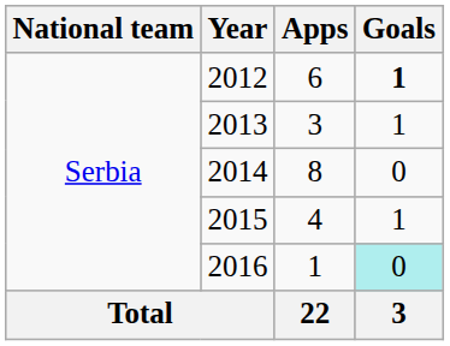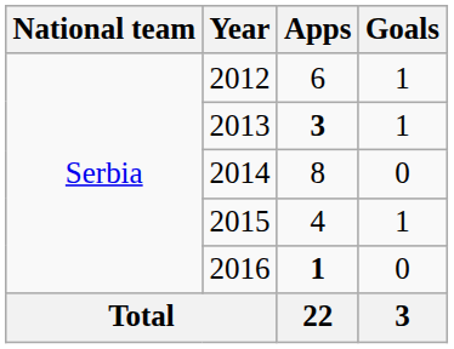 <table class="wikitable" style="text-align:center">
 <tr>
 <th>National team</th>
 <th>Year</th>
 <th>Apps</th>
 <th>Goals</th>
 </tr>
 <tr>
 <td rowspan="5"><a href='#'>Serbia</a></td>
 <td>2012</td>
 <td>6</td>
-<td><strong>1</strong></td>
+<td>1</td>
 </tr>
 <tr>
 <td>2013</td>
-<td>3</td>
+<td><strong>3</strong></td>
 <td>1</td>
 </tr>
 <tr>
 <td>2014</td>
 <td>8</td>
 <td>0</td>
 </tr>
 <tr>
 <td>2015</td>
 <td>4</td>
 <td>1</td>
 </tr>
 <tr>
 <td>2016</td>
-<td>1</td>
-<td style="background: paleturquoise;">0</td>
+<td><strong>1</strong></td>
+<td>0</td>
 </tr>
 <tr>
 <th colspan="2">Total</th>
 <th>22</th>
 <th>3</th>
 </tr>
 </table>
